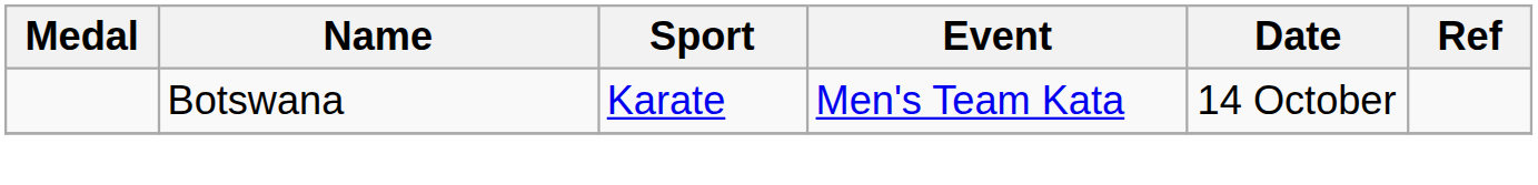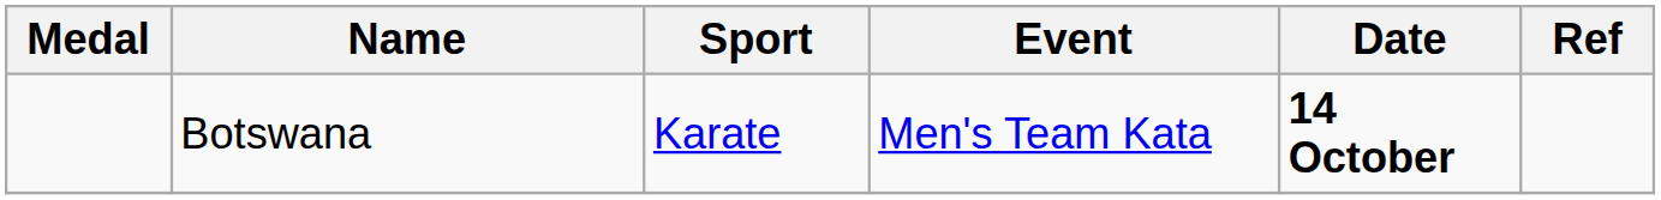 <table class="wikitable sortable" style="font-size:100%">
 <tr>
 <th width="60">Medal</th>
 <th width="250">Name</th>
 <th width="100">Sport</th>
 <th width="230">Event</th>
 <th width="100">Date</th>
 <th width="55">Ref</th>
 </tr>
 <tr>
 <td></td>
 <td>Botswana</td>
 <td><a href='#'>Karate</a></td>
 <td><a href='#'>Men's Team Kata</a></td>
-<td>14 October</td>
+<td><strong>14 October</strong></td>
 <td></td>
 </tr>
 <tr>
 </tr>
 </table>
